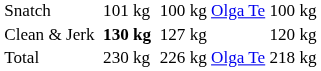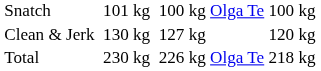 <table>
 <tr>
 <td>Snatch</td>
 <td></td>
 <td>101 kg</td>
 <td></td>
 <td>100 kg</td>
 <td> <a href='#'>Olga Te</a> </td>
 <td>100 kg</td>
 </tr>
 <tr>
 <td>Clean & Jerk</td>
 <td></td>
-<td><strong>130 kg</strong></td>
+<td>130 kg</td>
 <td></td>
 <td>127 kg</td>
 <td></td>
 <td>120 kg</td>
 </tr>
 <tr>
 <td>Total</td>
 <td></td>
 <td>230 kg</td>
 <td></td>
 <td>226 kg</td>
 <td> <a href='#'>Olga Te</a> </td>
 <td>218 kg</td>
 </tr>
 </table>
